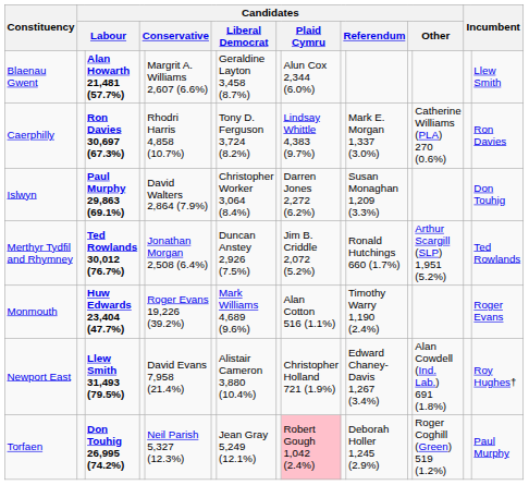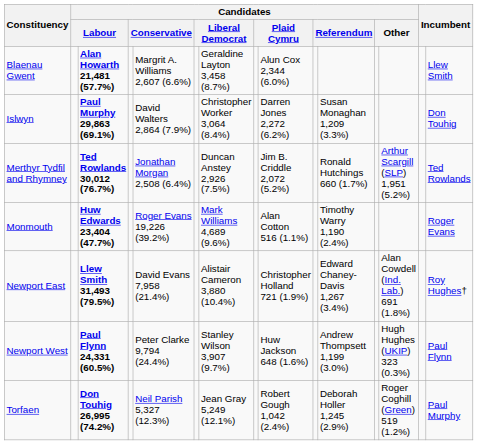 <table class="wikitable">
 <tr>
 <th rowspan="2">Constituency</th>
 <th colspan="12">Candidates</th>
 <th colspan="2" rowspan="2">Incumbent</th>
 </tr>
 <tr>
 <th colspan="2"><a href='#'>Labour</a></th>
 <th colspan="2"><a href='#'>Conservative</a></th>
 <th colspan="2"><a href='#'>Liberal Democrat</a></th>
 <th colspan="2"><a href='#'>Plaid Cymru</a></th>
 <th colspan="2"><a href='#'>Referendum</a></th>
 <th colspan="2">Other</th>
 </tr>
 <tr>
 <td><a href='#'>Blaenau Gwent</a></td>
 <td style="color:inherit;background:"> </td>
 <td><strong><a href='#'>Alan Howarth</a></strong><br><strong>21,481 (57.7%)</strong></td>
 <td></td>
 <td>Margrit A. Williams<br>2,607 (6.6%)</td>
 <td></td>
 <td>Geraldine Layton<br>3,458 (8.7%)</td>
 <td></td>
 <td>Alun Cox<br>2,344 (6.0%)</td>
 <td></td>
 <td></td>
 <td></td>
 <td></td>
 <td style="color:inherit;background:"> </td>
 <td><a href='#'>Llew Smith</a></td>
-</tr>
-<tr>
-<td><a href='#'>Caerphilly</a></td>
-<td style="color:inherit;background:"> </td>
-<td><strong><a href='#'>Ron Davies</a></strong><br><strong>30,697 (67.3%)</strong></td>
-<td></td>
-<td>Rhodri Harris<br>4,858 (10.7%)</td>
-<td></td>
-<td>Tony D. Ferguson<br>3,724 (8.2%)</td>
-<td></td>
-<td><a href='#'>Lindsay Whittle</a><br>4,383 (9.7%)</td>
-<td></td>
-<td>Mark E. Morgan<br>1,337 (3.0%)</td>
-<td></td>
-<td>Catherine Williams (<a href='#'>PLA</a>)<br>270 (0.6%)</td>
-<td style="color:inherit;background:"> </td>
-<td><a href='#'>Ron Davies</a></td>
 </tr>
 <tr>
 <td><a href='#'>Islwyn</a></td>
 <td style="color:inherit;background:"> </td>
 <td><strong><a href='#'>Paul Murphy</a></strong><br><strong>29,863 (69.1%)</strong></td>
 <td></td>
 <td>David Walters<br>2,864 (7.9%)</td>
 <td></td>
 <td>Christopher Worker<br>3,064 (8.4%)</td>
 <td></td>
 <td>Darren Jones<br>2,272 (6.2%)</td>
 <td></td>
 <td>Susan Monaghan<br>1,209 (3.3%)</td>
 <td></td>
 <td></td>
 <td style="color:inherit;background:"> </td>
 <td><a href='#'>Don Touhig</a></td>
 </tr>
 <tr>
 <td><a href='#'>Merthyr Tydfil and Rhymney</a></td>
 <td style="color:inherit;background:"> </td>
 <td><strong><a href='#'>Ted Rowlands</a></strong><br><strong>30,012 (76.7%)</strong></td>
 <td></td>
 <td><a href='#'>Jonathan Morgan</a><br>2,508 (6.4%)</td>
 <td></td>
 <td>Duncan Anstey<br>2,926 (7.5%)</td>
 <td></td>
 <td>Jim B. Criddle<br>2,072 (5.2%)</td>
 <td></td>
 <td>Ronald Hutchings<br>660 (1.7%)</td>
 <td></td>
 <td><a href='#'>Arthur Scargill</a> (<a href='#'>SLP</a>)<br>1,951 (5.2%)</td>
 <td style="color:inherit;background:"> </td>
 <td><a href='#'>Ted Rowlands</a></td>
 </tr>
 <tr>
 <td><a href='#'>Monmouth</a></td>
 <td style="color:inherit;background:"> </td>
 <td><strong><a href='#'>Huw Edwards</a></strong><br><strong>23,404 (47.7%)</strong></td>
 <td></td>
 <td><a href='#'>Roger Evans</a><br>19,226 (39.2%)</td>
 <td></td>
 <td><a href='#'>Mark Williams</a><br>4,689 (9.6%)</td>
 <td></td>
 <td>Alan Cotton<br>516 (1.1%)</td>
 <td></td>
 <td>Timothy Warry<br>1,190 (2.4%)</td>
 <td></td>
 <td></td>
 <td style="color:inherit;background:"> </td>
 <td><a href='#'>Roger Evans</a></td>
 </tr>
 <tr>
 <td><a href='#'>Newport East</a></td>
 <td style="color:inherit;background:"> </td>
 <td><strong><a href='#'>Llew Smith</a></strong><br><strong>31,493 (79.5%)</strong></td>
 <td></td>
 <td>David Evans<br>7,958 (21.4%)</td>
 <td></td>
 <td>Alistair Cameron<br>3,880 (10.4%)</td>
 <td></td>
 <td>Christopher Holland<br>721 (1.9%)</td>
 <td></td>
 <td>Edward Chaney-Davis<br>1,267 (3.4%)</td>
 <td></td>
 <td>Alan Cowdell (<a href='#'>Ind. Lab.</a>)<br>691 (1.8%)</td>
 <td style="color:inherit;background:"> </td>
 <td><a href='#'>Roy Hughes</a>†</td>
 </tr>
 <tr>
+<td><a href='#'>Newport West</a></td>
+<td style="color:inherit;background:"> </td>
+<td><strong><a href='#'>Paul Flynn</a></strong><br><strong>24,331 (60.5%)</strong></td>
+<td></td>
+<td>Peter Clarke<br>9,794 (24.4%)</td>
+<td></td>
+<td>Stanley Wilson<br>3,907 (9.7%)</td>
+<td></td>
+<td>Huw Jackson<br>648 (1.6%)</td>
+<td></td>
+<td>Andrew Thompsett<br>1,199 (3.0%)</td>
+<td></td>
+<td>Hugh Hughes (<a href='#'>UKIP</a>)<br>323 (0.3%)</td>
+<td style="color:inherit;background:"> </td>
+<td><a href='#'>Paul Flynn</a></td>
+</tr>
+<tr>
 <td><a href='#'>Torfaen</a></td>
 <td style="color:inherit;background:"> </td>
 <td><strong><a href='#'>Don Touhig</a></strong><br><strong>26,995 (74.2%)</strong></td>
 <td></td>
 <td><a href='#'>Neil Parish</a><br>5,327 (12.3%)</td>
 <td></td>
 <td>Jean Gray<br>5,249 (12.1%)</td>
 <td></td>
-<td style="background: pink;">Robert Gough<br>1,042 (2.4%)</td>
+<td>Robert Gough<br>1,042 (2.4%)</td>
 <td></td>
 <td>Deborah Holler<br>1,245 (2.9%)</td>
 <td></td>
 <td>Roger Coghill (<a href='#'>Green</a>)<br>519 (1.2%)</td>
 <td style="color:inherit;background:"> </td>
 <td><a href='#'>Paul Murphy</a></td>
 </tr>
 </table>
